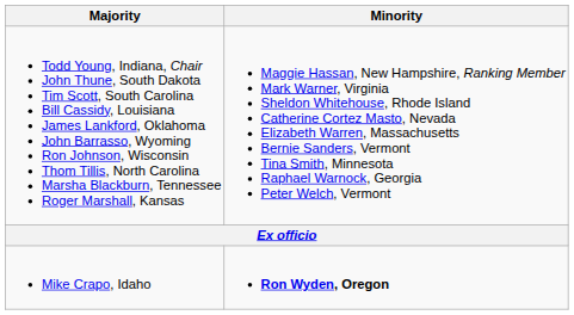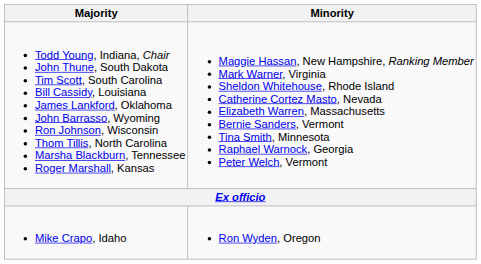 <table class=wikitable>
 <tr>
 <th>Majority</th>
 <th>Minority</th>
 </tr>
 <tr>
 <td><br><ul><li><a href='#'>Todd Young</a>, Indiana, <em>Chair</em></li><li><a href='#'>John Thune</a>, South Dakota</li><li><a href='#'>Tim Scott</a>, South Carolina</li><li><a href='#'>Bill Cassidy</a>, Louisiana</li><li><a href='#'>James Lankford</a>, Oklahoma</li><li><a href='#'>John Barrasso</a>, Wyoming</li><li><a href='#'>Ron Johnson</a>, Wisconsin</li><li><a href='#'>Thom Tillis</a>, North Carolina</li><li><a href='#'>Marsha Blackburn</a>, Tennessee</li><li><a href='#'>Roger Marshall</a>, Kansas</li></ul></td>
 <td><br><ul><li><a href='#'>Maggie Hassan</a>, New Hampshire, <em>Ranking Member</em></li><li><a href='#'>Mark Warner</a>, Virginia</li><li><a href='#'>Sheldon Whitehouse</a>, Rhode Island</li><li><a href='#'>Catherine Cortez Masto</a>, Nevada</li><li><a href='#'>Elizabeth Warren</a>, Massachusetts</li><li><span><a href='#'>Bernie Sanders</a>, Vermont</span></li><li><a href='#'>Tina Smith</a>, Minnesota</li><li><a href='#'>Raphael Warnock</a>, Georgia</li><li><a href='#'>Peter Welch</a>, Vermont</li></ul></td>
 </tr>
 <tr>
 <th colspan=2><em><a href='#'>Ex officio</a></em></th>
 </tr>
 <tr>
 <td><br><ul><li><a href='#'>Mike Crapo</a>, Idaho</li></ul></td>
-<td><strong><br><ul><li><a href='#'>Ron Wyden</a>, Oregon</li></ul></strong></td>
+<td><br><ul><li><a href='#'>Ron Wyden</a>, Oregon</li></ul></td>
 </tr>
 </table>
